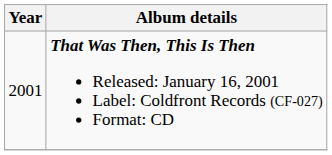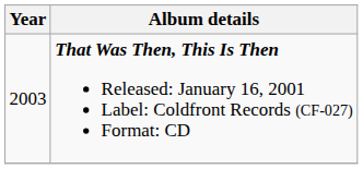 <table class="wikitable">
 <tr>
 <th rowspan="1">Year</th>
 <th rowspan="1">Album details</th>
 </tr>
 <tr>
-<td>2001</td>
+<td>2003</td>
 <td><strong><em>That Was Then, This Is Then</em></strong><br><ul><li>Released: January 16, 2001</li><li>Label: Coldfront Records <small>(CF-027)</small></li><li>Format: CD</li></ul></td>
 </tr>
 <tr>
 </tr>
 </table>
